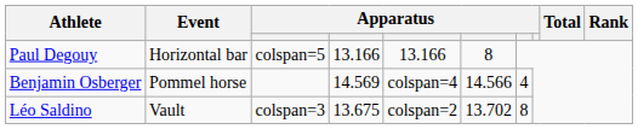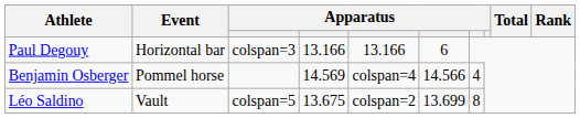 <table class="wikitable" style="font-size:90%">
 <tr>
 <th rowspan=2>Athlete</th>
 <th rowspan=2>Event</th>
 <th colspan=6>Apparatus</th>
 <th rowspan=2>Total</th>
 <th rowspan=2>Rank</th>
 </tr>
 <tr style="font-size:95%">
 <th></th>
 <th></th>
 <th></th>
 <th></th>
 <th></th>
 <th></th>
 </tr>
 <tr align=center>
 <td align=left><a href='#'>Paul Degouy</a></td>
 <td align=left>Horizontal bar</td>
-<td>colspan=5</td>
+<td>colspan=3</td>
 <td>13.166</td>
 <td>13.166</td>
-<td>8</td>
+<td>6</td>
 </tr>
 <tr align=center>
 <td align=left><a href='#'>Benjamin Osberger</a></td>
 <td align=left>Pommel horse</td>
 <td></td>
 <td>14.569</td>
 <td>colspan=4</td>
 <td>14.566</td>
 <td>4</td>
 </tr>
 <tr align=center>
 <td align=left><a href='#'>Léo Saldino</a></td>
 <td align=left>Vault</td>
-<td>colspan=3</td>
+<td>colspan=5</td>
 <td>13.675</td>
 <td>colspan=2</td>
-<td>13.702</td>
+<td>13.699</td>
 <td>8</td>
 </tr>
 </table>
